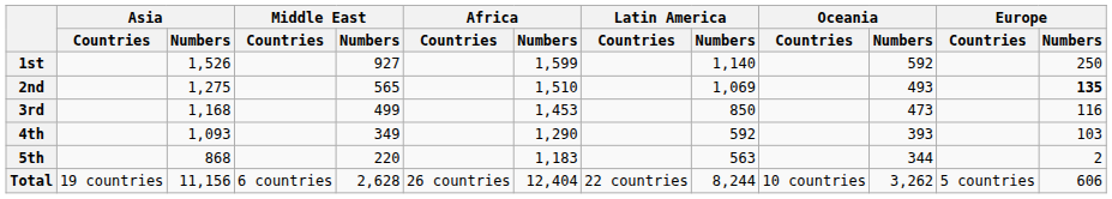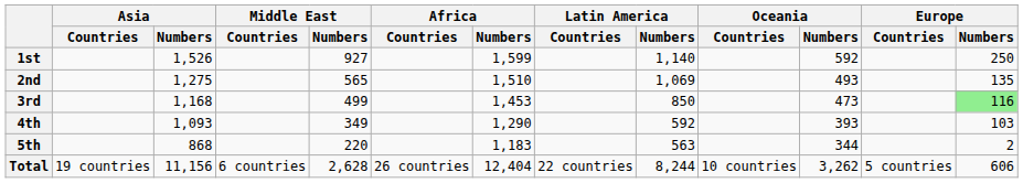 <table class="wikitable" style="margin:0 auto">
 <tr>
 <th rowspan="2"></th>
 <th colspan="2">Asia</th>
 <th colspan="2">Middle East</th>
 <th colspan="2">Africa</th>
 <th colspan="2">Latin America</th>
 <th colspan="2">Oceania</th>
 <th colspan="2">Europe</th>
 </tr>
 <tr>
 <th>Countries</th>
 <th>Numbers</th>
 <th>Countries</th>
 <th>Numbers</th>
 <th>Countries</th>
 <th>Numbers</th>
 <th>Countries</th>
 <th>Numbers</th>
 <th>Countries</th>
 <th>Numbers</th>
 <th>Countries</th>
 <th>Numbers</th>
 </tr>
 <tr>
 <th>1st</th>
 <td></td>
 <td style="text-align:right">1,526</td>
 <td></td>
 <td style="text-align:right">927</td>
 <td></td>
 <td style="text-align:right">1,599</td>
 <td></td>
 <td style="text-align:right">1,140</td>
 <td></td>
 <td style="text-align:right">592</td>
 <td></td>
 <td style="text-align:right">250</td>
 </tr>
 <tr>
 <th>2nd</th>
 <td></td>
 <td style="text-align:right">1,275</td>
 <td></td>
 <td style="text-align:right">565</td>
 <td></td>
 <td style="text-align:right">1,510</td>
 <td></td>
 <td style="text-align:right">1,069</td>
 <td></td>
 <td style="text-align:right">493</td>
 <td></td>
-<td style="text-align:right"><strong>135</strong></td>
+<td style="text-align:right">135</td>
 </tr>
 <tr>
 <th>3rd</th>
 <td></td>
 <td style="text-align:right">1,168</td>
 <td></td>
 <td style="text-align:right">499</td>
 <td></td>
 <td style="text-align:right">1,453</td>
 <td></td>
 <td style="text-align:right">850</td>
 <td></td>
 <td style="text-align:right">473</td>
 <td></td>
-<td style="text-align:right">116</td>
+<td style="background: lightgreen; text-align:right">116</td>
 </tr>
 <tr>
 <th>4th</th>
 <td></td>
 <td style="text-align:right">1,093</td>
 <td></td>
 <td style="text-align:right">349</td>
 <td></td>
 <td style="text-align:right">1,290</td>
 <td></td>
 <td style="text-align:right">592</td>
 <td></td>
 <td style="text-align:right">393</td>
 <td></td>
 <td style="text-align:right">103</td>
 </tr>
 <tr>
 <th>5th</th>
 <td></td>
 <td style="text-align:right">868</td>
 <td></td>
 <td style="text-align:right">220</td>
 <td></td>
 <td style="text-align:right">1,183</td>
 <td></td>
 <td style="text-align:right">563</td>
 <td></td>
 <td style="text-align:right">344</td>
 <td></td>
 <td style="text-align:right">2</td>
 </tr>
 <tr style="text-align:right">
 <th>Total</th>
 <td style="text-align:left">19 countries</td>
 <td>11,156</td>
 <td style="text-align:left">6 countries</td>
 <td>2,628</td>
 <td style="text-align:left">26 countries</td>
 <td>12,404</td>
 <td style="text-align:left">22 countries</td>
 <td>8,244</td>
 <td style="text-align:left">10 countries</td>
 <td>3,262</td>
 <td style="text-align:left">5 countries</td>
 <td>606</td>
 </tr>
 </table>
